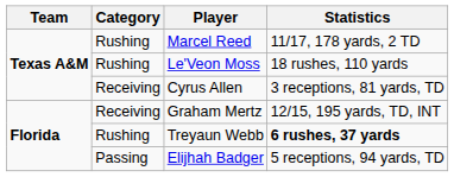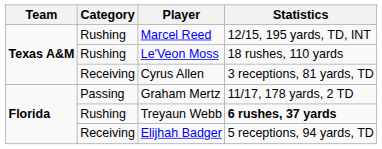 <table class="wikitable" style="float: right;">
 <tr>
 <th>Team</th>
 <th>Category</th>
 <th>Player</th>
 <th>Statistics</th>
 </tr>
 <tr>
 <td rowspan=3><strong>Texas A&M</strong></td>
 <td>Rushing</td>
 <td><a href='#'>Marcel Reed</a></td>
-<td>11/17, 178 yards, 2 TD</td>
+<td>12/15, 195 yards, TD, INT</td>
 </tr>
 <tr>
 <td>Rushing</td>
 <td><a href='#'>Le'Veon Moss</a></td>
 <td>18 rushes, 110 yards</td>
 </tr>
 <tr>
 <td>Receiving</td>
 <td>Cyrus Allen</td>
 <td>3 receptions, 81 yards, TD</td>
 </tr>
 <tr>
 <td rowspan=3><strong>Florida</strong></td>
-<td>Receiving</td>
+<td>Passing</td>
 <td>Graham Mertz</td>
-<td>12/15, 195 yards, TD, INT</td>
+<td>11/17, 178 yards, 2 TD</td>
 </tr>
 <tr>
 <td>Rushing</td>
 <td>Treyaun Webb</td>
 <td><strong>6 rushes, 37 yards</strong></td>
 </tr>
 <tr>
-<td>Passing</td>
+<td>Receiving</td>
 <td><a href='#'>Elijhah Badger</a></td>
 <td>5 receptions, 94 yards, TD</td>
 </tr>
 </table>
